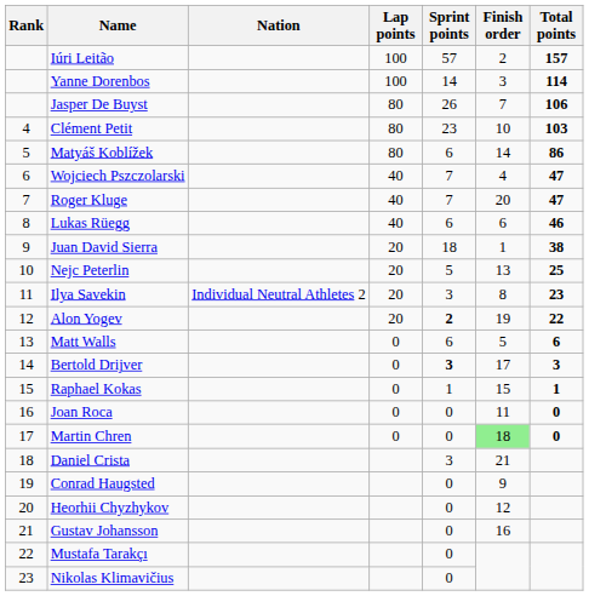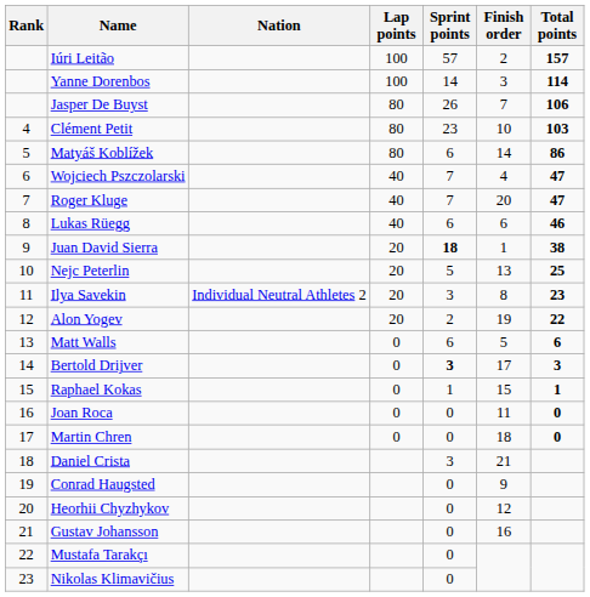 <table class="wikitable sortable" style="text-align:center">
 <tr>
 <th>Rank</th>
 <th>Name</th>
 <th>Nation</th>
 <th width=50>Lap points</th>
 <th width=50>Sprint points</th>
 <th width=50>Finish order</th>
 <th width=50>Total points</th>
 </tr>
 <tr>
 <td></td>
 <td align=left><a href='#'>Iúri Leitão</a></td>
 <td align=left></td>
 <td>100</td>
 <td>57</td>
 <td>2</td>
 <td><strong>157</strong></td>
 </tr>
 <tr>
 <td></td>
 <td align=left><a href='#'>Yanne Dorenbos</a></td>
 <td align=left></td>
 <td>100</td>
 <td>14</td>
 <td>3</td>
 <td><strong>114</strong></td>
 </tr>
 <tr>
 <td></td>
 <td align=left><a href='#'>Jasper De Buyst</a></td>
 <td align=left></td>
 <td>80</td>
 <td>26</td>
 <td>7</td>
 <td><strong>106</strong></td>
 </tr>
 <tr>
 <td>4</td>
 <td align=left><a href='#'>Clément Petit</a></td>
 <td align=left></td>
 <td>80</td>
 <td>23</td>
 <td>10</td>
 <td><strong>103</strong></td>
 </tr>
 <tr>
 <td>5</td>
 <td align=left><a href='#'>Matyáš Koblížek</a></td>
 <td align=left></td>
 <td>80</td>
 <td>6</td>
 <td>14</td>
 <td><strong>86</strong></td>
 </tr>
 <tr>
 <td>6</td>
 <td align=left><a href='#'>Wojciech Pszczolarski</a></td>
 <td align=left></td>
 <td>40</td>
 <td>7</td>
 <td>4</td>
 <td><strong>47</strong></td>
 </tr>
 <tr>
 <td>7</td>
 <td align=left><a href='#'>Roger Kluge</a></td>
 <td align=left></td>
 <td>40</td>
 <td>7</td>
 <td>20</td>
 <td><strong>47</strong></td>
 </tr>
 <tr>
 <td>8</td>
 <td align=left><a href='#'>Lukas Rüegg</a></td>
 <td align=left></td>
 <td>40</td>
 <td>6</td>
 <td>6</td>
 <td><strong>46</strong></td>
 </tr>
 <tr>
 <td>9</td>
 <td align=left><a href='#'>Juan David Sierra</a></td>
 <td align=left></td>
 <td>20</td>
-<td>18</td>
+<td><strong>18</strong></td>
 <td>1</td>
 <td><strong>38</strong></td>
 </tr>
 <tr>
 <td>10</td>
 <td align=left><a href='#'>Nejc Peterlin</a></td>
 <td align=left></td>
 <td>20</td>
 <td>5</td>
 <td>13</td>
 <td><strong>25</strong></td>
 </tr>
 <tr>
 <td>11</td>
 <td align=left><a href='#'>Ilya Savekin</a></td>
 <td align=left><a href='#'>Individual Neutral Athletes</a> 2</td>
 <td>20</td>
 <td>3</td>
 <td>8</td>
 <td><strong>23</strong></td>
 </tr>
 <tr>
 <td>12</td>
 <td align=left><a href='#'>Alon Yogev</a></td>
 <td align=left></td>
 <td>20</td>
-<td><strong>2</strong></td>
+<td>2</td>
 <td>19</td>
 <td><strong>22</strong></td>
 </tr>
 <tr>
 <td>13</td>
 <td align=left><a href='#'>Matt Walls</a></td>
 <td align=left></td>
 <td>0</td>
 <td>6</td>
 <td>5</td>
 <td><strong>6</strong></td>
 </tr>
 <tr>
 <td>14</td>
 <td align=left><a href='#'>Bertold Drijver</a></td>
 <td align=left></td>
 <td>0</td>
 <td><strong>3</strong></td>
 <td>17</td>
 <td><strong>3</strong></td>
 </tr>
 <tr>
 <td>15</td>
 <td align=left><a href='#'>Raphael Kokas</a></td>
 <td align=left></td>
 <td>0</td>
 <td>1</td>
 <td>15</td>
 <td><strong>1</strong></td>
 </tr>
 <tr>
 <td>16</td>
 <td align=left><a href='#'>Joan Roca</a></td>
 <td align=left></td>
 <td>0</td>
 <td>0</td>
 <td>11</td>
 <td><strong>0</strong></td>
 </tr>
 <tr>
 <td>17</td>
 <td align=left><a href='#'>Martin Chren</a></td>
 <td align=left></td>
 <td>0</td>
 <td>0</td>
-<td style="background: lightgreen;">18</td>
+<td>18</td>
 <td><strong>0</strong></td>
 </tr>
 <tr>
 <td>18</td>
 <td align=left><a href='#'>Daniel Crista</a></td>
 <td align=left></td>
 <td></td>
 <td>3</td>
 <td>21</td>
 <td><strong></strong></td>
 </tr>
 <tr>
 <td>19</td>
 <td align=left><a href='#'>Conrad Haugsted</a></td>
 <td align=left></td>
 <td></td>
 <td>0</td>
 <td>9</td>
 <td><strong></strong></td>
 </tr>
 <tr>
 <td>20</td>
 <td align=left><a href='#'>Heorhii Chyzhykov</a></td>
 <td align=left></td>
 <td></td>
 <td>0</td>
 <td>12</td>
 <td><strong></strong></td>
 </tr>
 <tr>
 <td>21</td>
 <td align=left><a href='#'>Gustav Johansson</a></td>
 <td align=left></td>
 <td></td>
 <td>0</td>
 <td>16</td>
 <td><strong></strong></td>
 </tr>
 <tr>
 <td>22</td>
 <td align=left><a href='#'>Mustafa Tarakçı</a></td>
 <td align=left></td>
 <td></td>
 <td>0</td>
 <td rowspan=2></td>
 <td rowspan=2></td>
 </tr>
 <tr>
 <td>23</td>
 <td align=left><a href='#'>Nikolas Klimavičius</a></td>
 <td align=left></td>
 <td></td>
 <td>0</td>
 </tr>
 </table>
